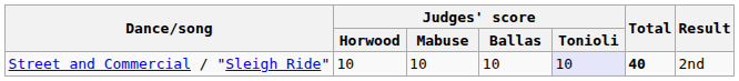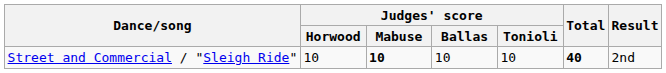 <table class="wikitable">
 <tr>
 <th rowspan="2">Dance/song</th>
 <th colspan="4">Judges' score</th>
 <th rowspan="2">Total</th>
 <th rowspan="2">Result</th>
 </tr>
 <tr>
 <th width="10%">Horwood</th>
 <th width="10%">Mabuse</th>
 <th width="10%">Ballas</th>
 <th width="10%">Tonioli</th>
 </tr>
 <tr>
 <td><a href='#'>Street and Commercial</a> / "<a href='#'>Sleigh Ride</a>"</td>
 <td>10</td>
+<td><strong>10</strong></td>
 <td>10</td>
 <td>10</td>
-<td style="background: lavender;">10</td>
 <td><strong>40</strong></td>
 <td>2nd</td>
 </tr>
 </table>
